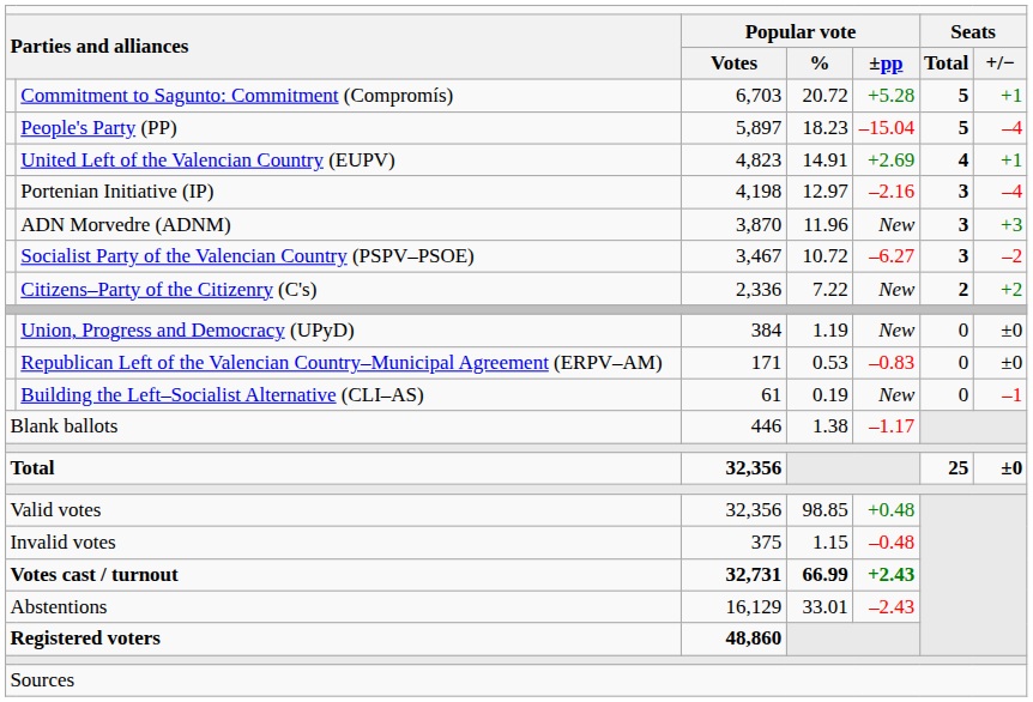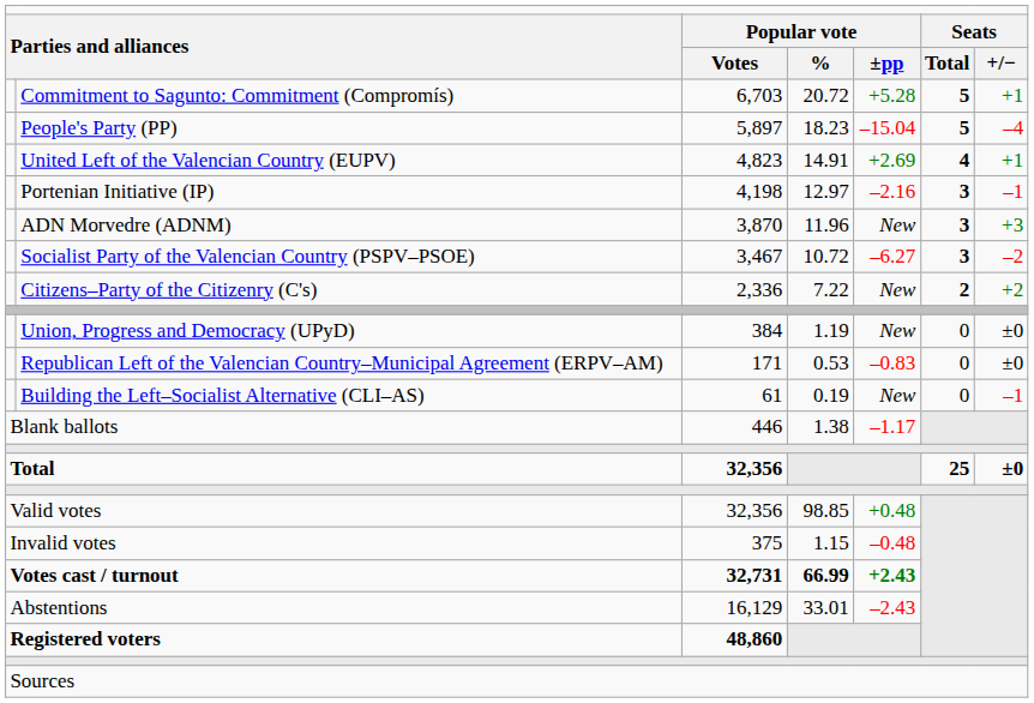 <table class="wikitable" style="text-align:right;">
 <tr>
 <td colspan="7"></td>
 </tr>
 <tr>
 <th style="text-align:left;" rowspan="2" colspan="2" width="525">Parties and alliances</th>
 <th colspan="3">Popular vote</th>
 <th colspan="2">Seats</th>
 </tr>
 <tr>
 <th width="75">Votes</th>
 <th width="45">%</th>
 <th width="45">±<a href='#'>pp</a></th>
 <th width="35">Total</th>
 <th width="35">+/−</th>
 </tr>
 <tr>
 <td width="1" style="color:inherit;background:"></td>
 <td align="left"><a href='#'>Commitment to Sagunto: Commitment</a> (Compromís)</td>
 <td>6,703</td>
 <td>20.72</td>
 <td style="color:green;">+5.28</td>
 <td><strong>5</strong></td>
 <td style="color:green;">+1</td>
 </tr>
 <tr>
 <td style="color:inherit;background:"></td>
 <td align="left"><a href='#'>People's Party</a> (PP)</td>
 <td>5,897</td>
 <td>18.23</td>
 <td style="color:red;">–15.04</td>
 <td><strong>5</strong></td>
 <td style="color:red;">–4</td>
 </tr>
 <tr>
 <td style="color:inherit;background:"></td>
 <td align="left"><a href='#'>United Left of the Valencian Country</a> (EUPV)</td>
 <td>4,823</td>
 <td>14.91</td>
 <td style="color:green;">+2.69</td>
 <td><strong>4</strong></td>
 <td style="color:green;">+1</td>
 </tr>
 <tr>
 <td style="color:inherit;background:"></td>
 <td align="left">Portenian Initiative (IP)</td>
 <td>4,198</td>
 <td>12.97</td>
 <td style="color:red;">–2.16</td>
 <td><strong>3</strong></td>
-<td style="color:red;">–4</td>
+<td style="color:red;">–1</td>
 </tr>
 <tr>
 <td style="color:inherit;background:"></td>
 <td align="left">ADN Morvedre (ADNM)</td>
 <td>3,870</td>
 <td>11.96</td>
 <td><em>New</em></td>
 <td><strong>3</strong></td>
 <td style="color:green;">+3</td>
 </tr>
 <tr>
 <td style="color:inherit;background:"></td>
 <td align="left"><a href='#'>Socialist Party of the Valencian Country</a> (PSPV–PSOE)</td>
 <td>3,467</td>
 <td>10.72</td>
 <td style="color:red;">–6.27</td>
 <td><strong>3</strong></td>
 <td style="color:red;">–2</td>
 </tr>
 <tr>
 <td style="color:inherit;background:"></td>
 <td align="left"><a href='#'>Citizens–Party of the Citizenry</a> (C's)</td>
 <td>2,336</td>
 <td>7.22</td>
 <td><em>New</em></td>
 <td><strong>2</strong></td>
 <td style="color:green;">+2</td>
 </tr>
 <tr>
 <td colspan="7" bgcolor="#C0C0C0"></td>
 </tr>
 <tr>
 <td style="color:inherit;background:"></td>
 <td align="left"><a href='#'>Union, Progress and Democracy</a> (UPyD)</td>
 <td>384</td>
 <td>1.19</td>
 <td><em>New</em></td>
 <td>0</td>
 <td>±0</td>
 </tr>
 <tr>
 <td style="color:inherit;background:"></td>
 <td align="left"><a href='#'>Republican Left of the Valencian Country–Municipal Agreement</a> (ERPV–AM)</td>
 <td>171</td>
 <td>0.53</td>
 <td style="color:red;">–0.83</td>
 <td>0</td>
 <td>±0</td>
 </tr>
 <tr>
 <td style="color:inherit;background:"></td>
 <td align="left"><a href='#'>Building the Left–Socialist Alternative</a> (CLI–AS)</td>
 <td>61</td>
 <td>0.19</td>
 <td><em>New</em></td>
 <td>0</td>
 <td style="color:red;">–1</td>
 </tr>
 <tr>
 <td align="left" colspan="2">Blank ballots</td>
 <td>446</td>
 <td>1.38</td>
 <td style="color:red;">–1.17</td>
 <td bgcolor="#E9E9E9" colspan="2"></td>
 </tr>
 <tr>
 <td colspan="7" bgcolor="#E9E9E9"></td>
 </tr>
 <tr style="font-weight:bold;">
 <td align="left" colspan="2">Total</td>
 <td>32,356</td>
 <td bgcolor="#E9E9E9" colspan="2"></td>
 <td>25</td>
 <td>±0</td>
 </tr>
 <tr>
 <td colspan="7" bgcolor="#E9E9E9"></td>
 </tr>
 <tr>
 <td align="left" colspan="2">Valid votes</td>
 <td>32,356</td>
 <td>98.85</td>
 <td style="color:green;">+0.48</td>
 <td bgcolor="#E9E9E9" colspan="2" rowspan="5"></td>
 </tr>
 <tr>
 <td align="left" colspan="2">Invalid votes</td>
 <td>375</td>
 <td>1.15</td>
 <td style="color:red;">–0.48</td>
 </tr>
 <tr style="font-weight:bold;">
 <td align="left" colspan="2">Votes cast / turnout</td>
 <td>32,731</td>
 <td>66.99</td>
 <td style="color:green;">+2.43</td>
 </tr>
 <tr>
 <td align="left" colspan="2">Abstentions</td>
 <td>16,129</td>
 <td>33.01</td>
 <td style="color:red;">–2.43</td>
 </tr>
 <tr style="font-weight:bold;">
 <td align="left" colspan="2">Registered voters</td>
 <td>48,860</td>
 <td bgcolor="#E9E9E9" colspan="2"></td>
 </tr>
 <tr>
 <td colspan="7" bgcolor="#E9E9E9"></td>
 </tr>
 <tr>
 <td align="left" colspan="7">Sources</td>
 </tr>
 </table>
